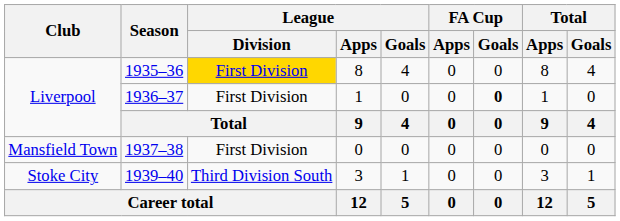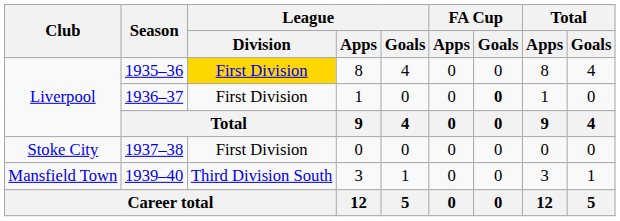 <table class="wikitable" style="text-align: center;">
 <tr>
 <th rowspan="2">Club</th>
 <th rowspan="2">Season</th>
 <th colspan="3">League</th>
 <th colspan="2">FA Cup</th>
 <th colspan="2">Total</th>
 </tr>
 <tr>
 <th>Division</th>
 <th>Apps</th>
 <th>Goals</th>
 <th>Apps</th>
 <th>Goals</th>
 <th>Apps</th>
 <th>Goals</th>
 </tr>
 <tr>
 <td rowspan=3><a href='#'>Liverpool</a></td>
 <td><a href='#'>1935–36</a></td>
 <td style="background: gold;"><a href='#'>First Division</a></td>
 <td>8</td>
 <td>4</td>
 <td>0</td>
 <td>0</td>
 <td>8</td>
 <td>4</td>
 </tr>
 <tr>
 <td><a href='#'>1936–37</a></td>
 <td>First Division</td>
 <td>1</td>
 <td>0</td>
 <td>0</td>
 <td><strong>0</strong></td>
 <td>1</td>
 <td>0</td>
 </tr>
 <tr>
 <th colspan=2>Total</th>
 <th>9</th>
 <th>4</th>
 <th>0</th>
 <th>0</th>
 <th>9</th>
 <th>4</th>
 </tr>
 <tr>
-<td><a href='#'>Mansfield Town</a></td>
+<td><a href='#'>Stoke City</a></td>
 <td><a href='#'>1937–38</a></td>
 <td>First Division</td>
 <td>0</td>
 <td>0</td>
 <td>0</td>
 <td>0</td>
 <td>0</td>
 <td>0</td>
 </tr>
 <tr>
-<td><a href='#'>Stoke City</a></td>
+<td><a href='#'>Mansfield Town</a></td>
 <td><a href='#'>1939–40</a></td>
 <td><a href='#'>Third Division South</a></td>
 <td>3</td>
 <td>1</td>
 <td>0</td>
 <td>0</td>
 <td>3</td>
 <td>1</td>
 </tr>
 <tr>
 <th colspan="3">Career total</th>
 <th>12</th>
 <th>5</th>
 <th>0</th>
 <th>0</th>
 <th>12</th>
 <th>5</th>
 </tr>
 </table>
